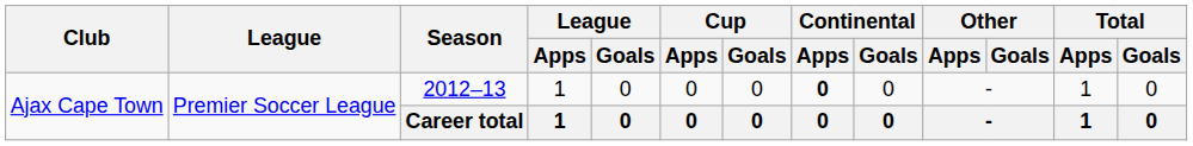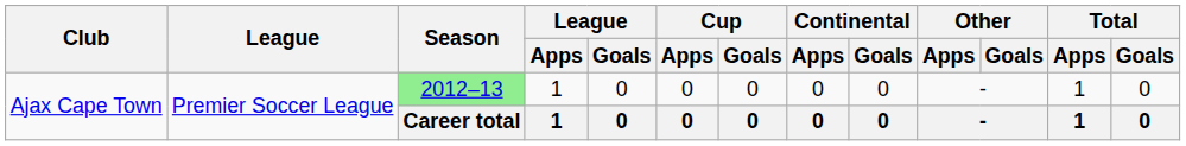 <table class="wikitable" style="text-align: center;">
 <tr>
 <th rowspan="2">Club</th>
 <th rowspan="2">League</th>
 <th rowspan="2">Season</th>
 <th colspan="2">League</th>
 <th colspan="2">Cup</th>
 <th colspan="2">Continental</th>
 <th colspan="2">Other</th>
 <th colspan="2">Total</th>
 </tr>
 <tr>
 <th>Apps</th>
 <th>Goals</th>
 <th>Apps</th>
 <th>Goals</th>
 <th>Apps</th>
 <th>Goals</th>
 <th>Apps</th>
 <th>Goals</th>
 <th>Apps</th>
 <th>Goals</th>
 </tr>
 <tr>
 <td rowspan="3"><a href='#'>Ajax Cape Town</a></td>
 <td rowspan="3"><a href='#'>Premier Soccer League</a></td>
-<td><a href='#'>2012–13</a></td>
+<td style="background: lightgreen;"><a href='#'>2012–13</a></td>
 <td>1</td>
 <td>0</td>
 <td>0</td>
 <td>0</td>
-<td><strong>0</strong></td>
+<td>0</td>
 <td>0</td>
 <td colspan="2">-</td>
 <td>1</td>
 <td>0</td>
 </tr>
 <tr>
 <th colspan="1">Career total</th>
 <th>1</th>
 <th>0</th>
 <th>0</th>
 <th>0</th>
 <th>0</th>
 <th>0</th>
 <th colspan="2">-</th>
 <th>1</th>
 <th>0</th>
 </tr>
 </table>
